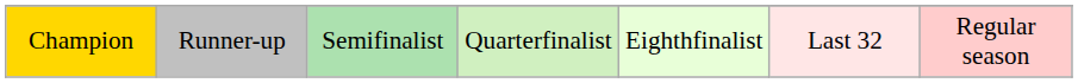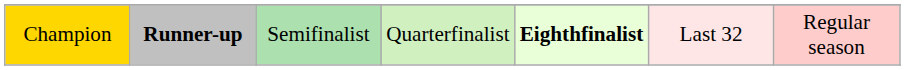 <table class="wikitable" style="font-size:90%; text-align:center;">
 <tr>
 </tr>
 <tr>
 <td style="background:gold;" width=14%>Champion</td>
-<td style="background:silver;" width=14%>Runner-up</td>
+<td style="background:silver;" width=14%><strong>Runner-up</strong></td>
 <td style="background:#ACE1AF;" width=14%>Semifinalist</td>
 <td style="background:#D0F0C0;" width=14%>Quarterfinalist</td>
-<td style="background:#E8FFD8;" width=14%>Eighthfinalist</td>
+<td style="background:#E8FFD8;" width=14%><strong>Eighthfinalist</strong></td>
 <td style="background:#FFE6E6;" width=14%>Last 32</td>
 <td style="background:#fcc;" width=14%>Regular season</td>
 </tr>
 </table>
